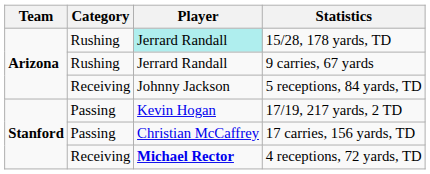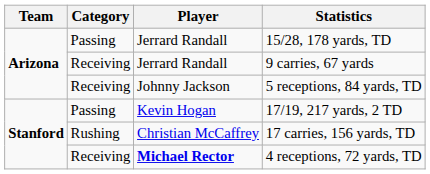 <table class="wikitable" style="float: right;">
 <tr>
 <th>Team</th>
 <th>Category</th>
 <th>Player</th>
 <th>Statistics</th>
 </tr>
 <tr>
 <td rowspan=3><strong>Arizona</strong></td>
-<td>Rushing</td>
-<td style="background: paleturquoise;">Jerrard Randall</td>
+<td>Passing</td>
+<td>Jerrard Randall</td>
 <td>15/28, 178 yards, TD</td>
 </tr>
 <tr>
-<td>Rushing</td>
+<td>Receiving</td>
 <td>Jerrard Randall</td>
 <td>9 carries, 67 yards</td>
 </tr>
 <tr>
 <td>Receiving</td>
 <td>Johnny Jackson</td>
 <td>5 receptions, 84 yards, TD</td>
 </tr>
 <tr>
 <td rowspan=3><strong>Stanford</strong></td>
 <td>Passing</td>
 <td><a href='#'>Kevin Hogan</a></td>
 <td>17/19, 217 yards, 2 TD</td>
 </tr>
 <tr>
-<td>Passing</td>
+<td>Rushing</td>
 <td><a href='#'>Christian McCaffrey</a></td>
 <td>17 carries, 156 yards, TD</td>
 </tr>
 <tr>
 <td>Receiving</td>
 <td><strong><a href='#'>Michael Rector</a></strong></td>
 <td>4 receptions, 72 yards, TD</td>
 </tr>
 </table>
